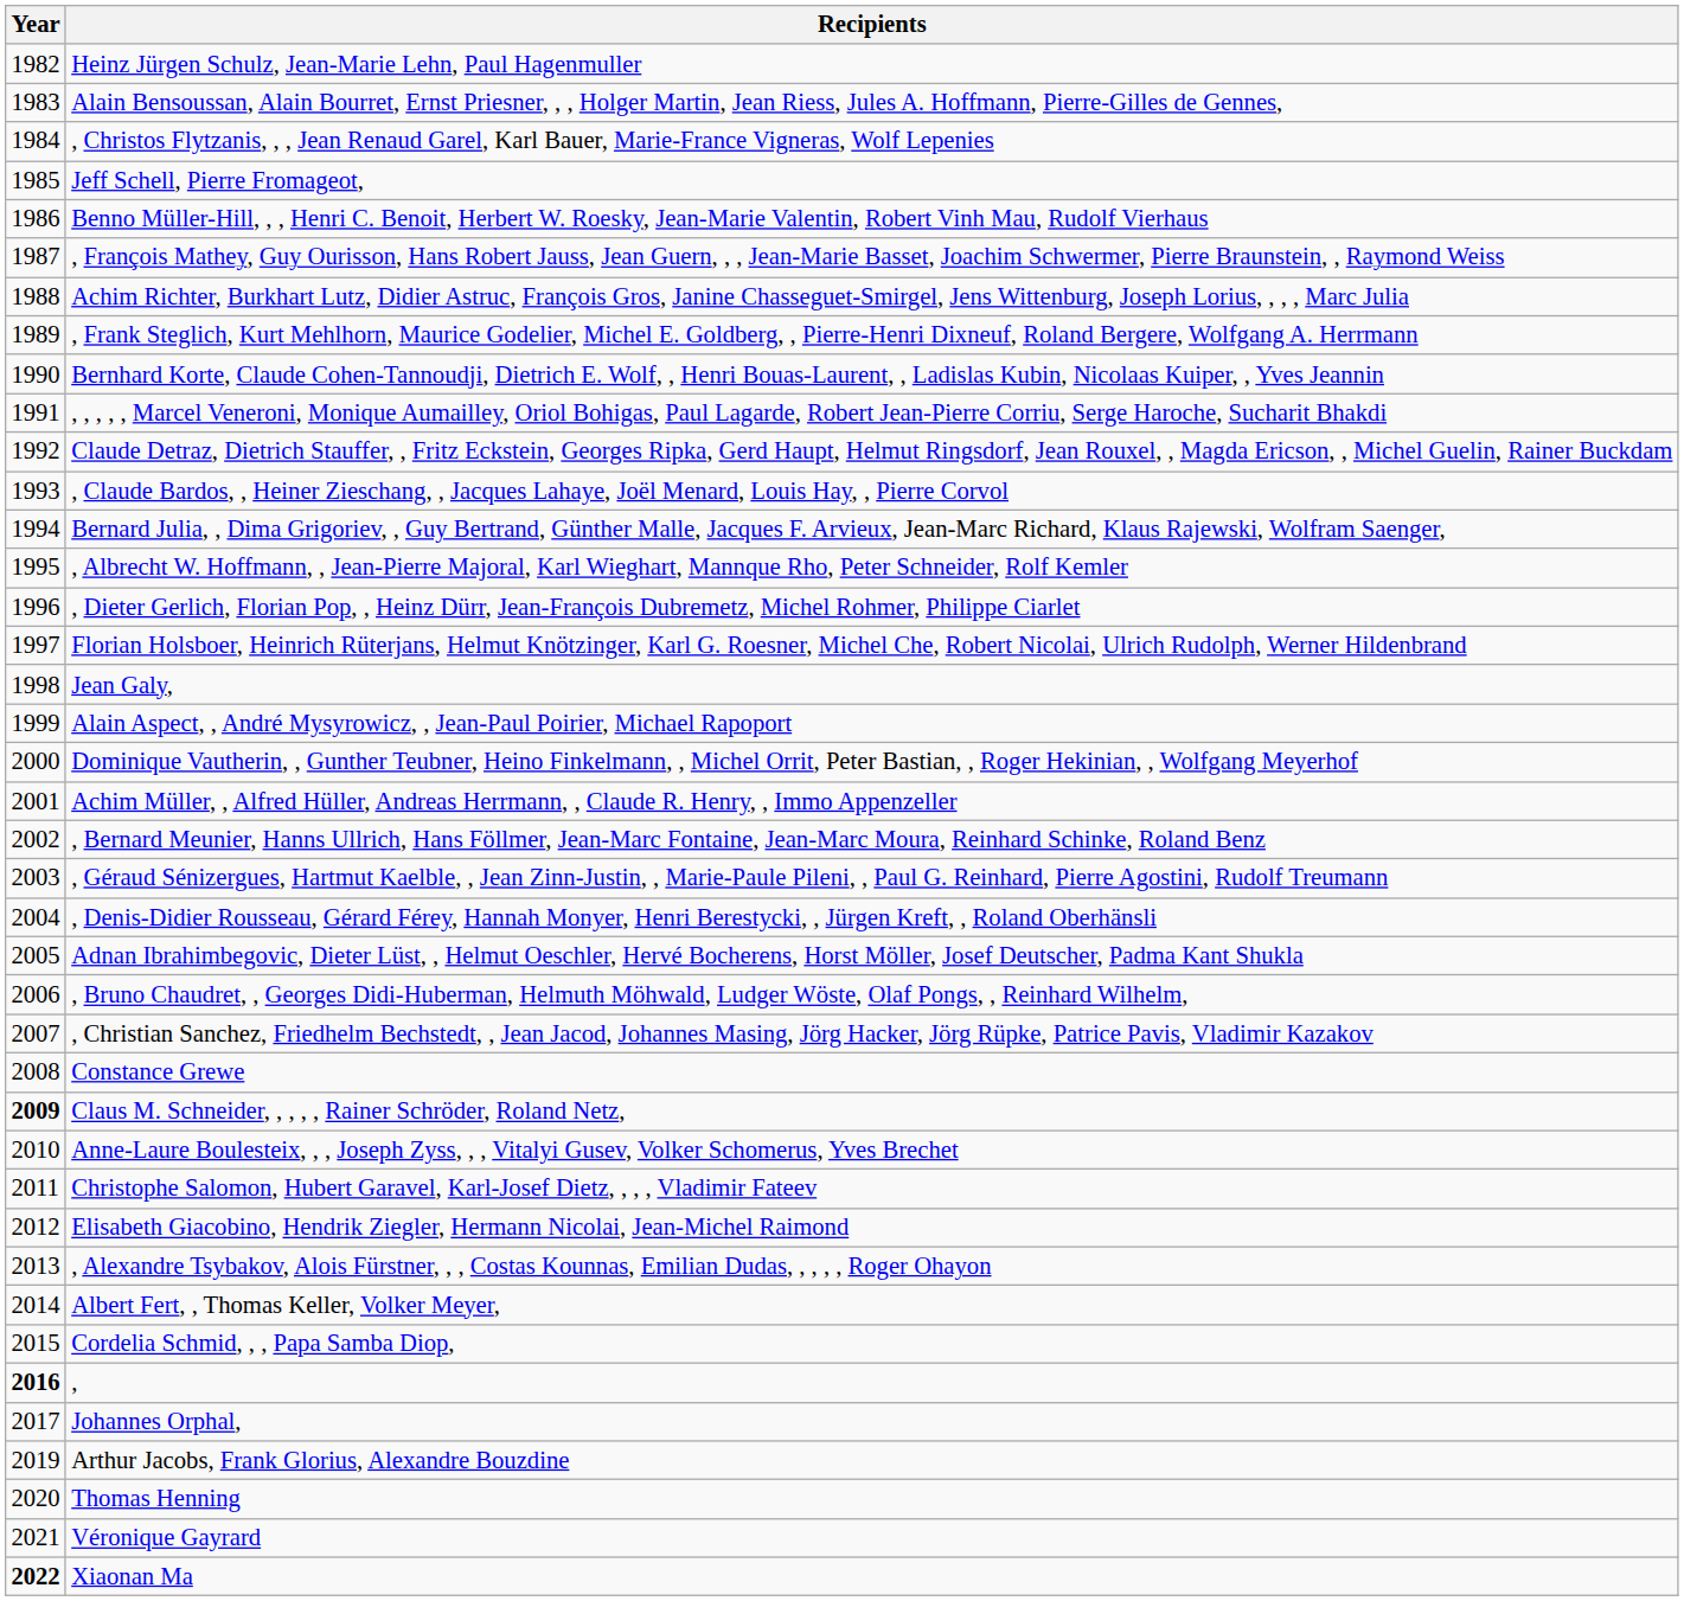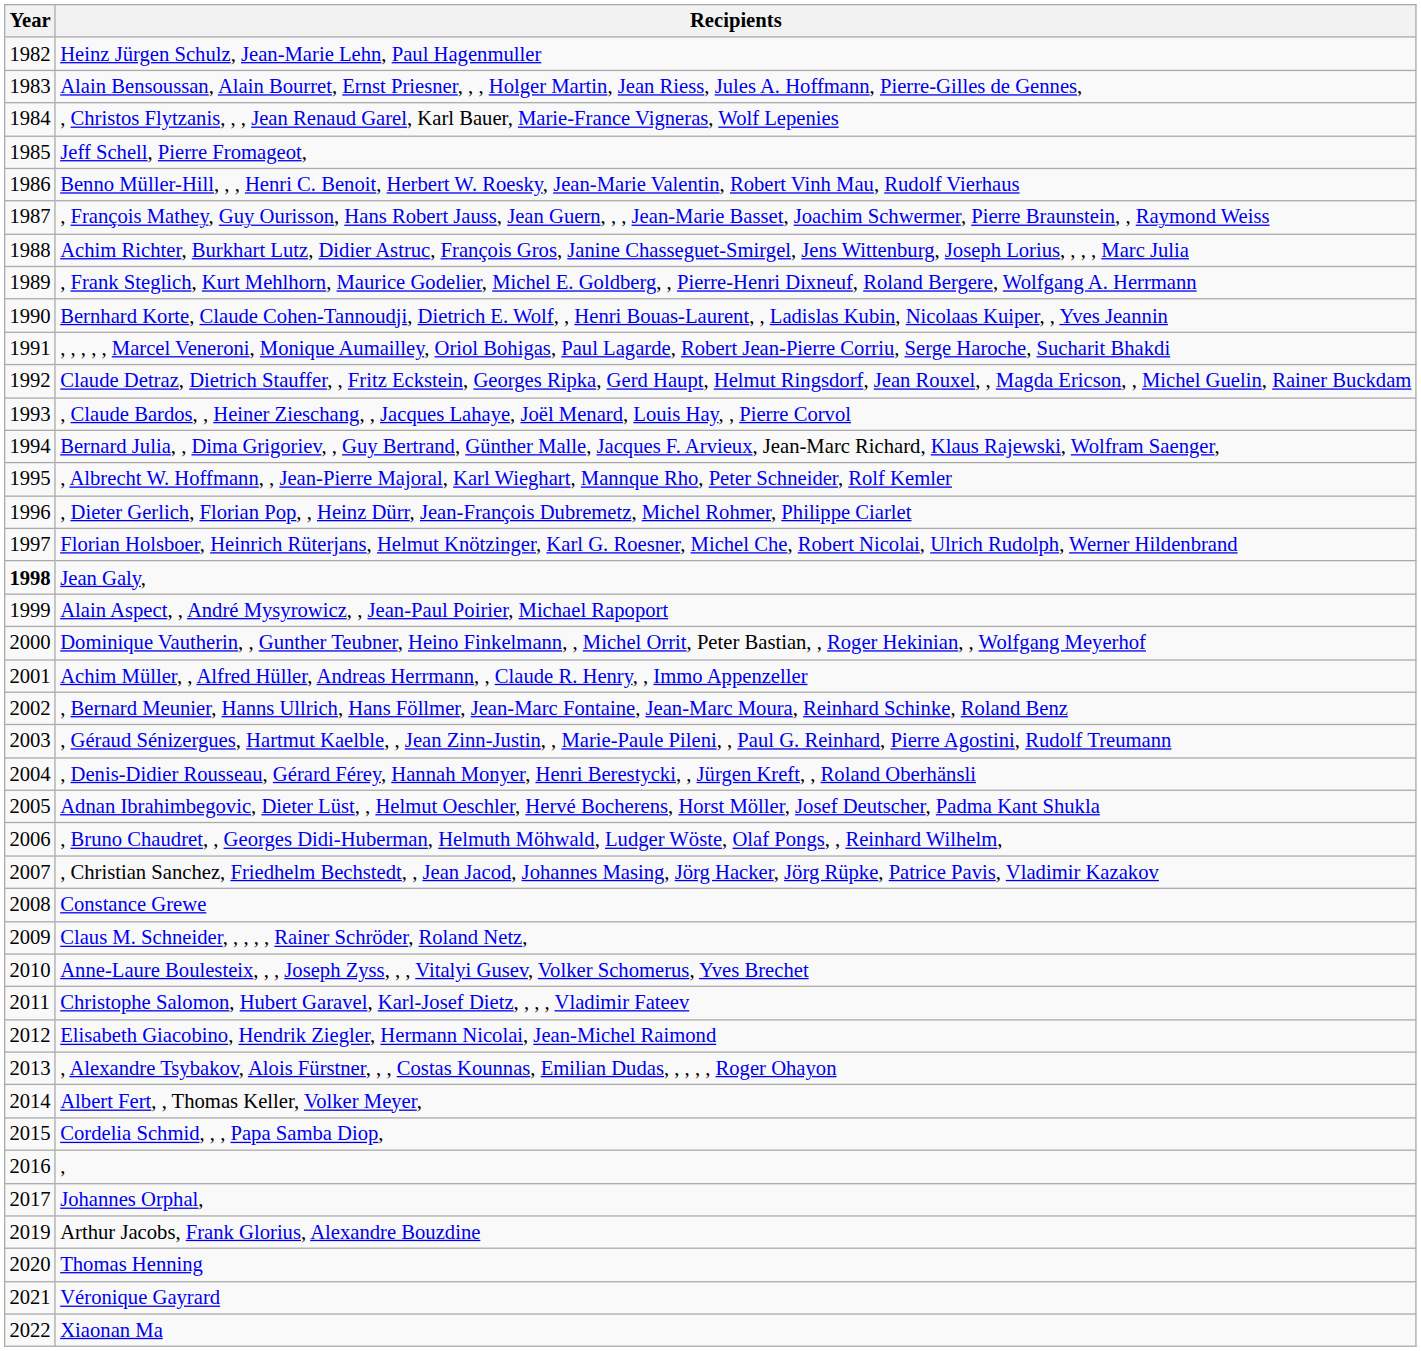 <table class="wikitable">
 <tr>
 <th>Year</th>
 <th>Recipients</th>
 </tr>
 <tr>
 <td>1982</td>
 <td><a href='#'>Heinz Jürgen Schulz</a>, <a href='#'>Jean-Marie Lehn</a>, <a href='#'>Paul Hagenmuller</a></td>
 </tr>
 <tr>
 <td>1983</td>
 <td><a href='#'>Alain Bensoussan</a>, <a href='#'>Alain Bourret</a>, <a href='#'>Ernst Priesner</a>, , , <a href='#'>Holger Martin</a>, <a href='#'>Jean Riess</a>, <a href='#'>Jules A. Hoffmann</a>, <a href='#'>Pierre-Gilles de Gennes</a>, </td>
 </tr>
 <tr>
 <td>1984</td>
 <td>, <a href='#'>Christos Flytzanis</a>, , , <a href='#'>Jean Renaud Garel</a>, Karl Bauer, <a href='#'>Marie-France Vigneras</a>, <a href='#'>Wolf Lepenies</a></td>
 </tr>
 <tr>
 <td>1985</td>
 <td><a href='#'>Jeff Schell</a>, <a href='#'>Pierre Fromageot</a>, </td>
 </tr>
 <tr>
 <td>1986</td>
 <td><a href='#'>Benno Müller-Hill</a>, , , <a href='#'>Henri C. Benoit</a>, <a href='#'>Herbert W. Roesky</a>, <a href='#'>Jean-Marie Valentin</a>, <a href='#'>Robert Vinh Mau</a>, <a href='#'>Rudolf Vierhaus</a></td>
 </tr>
 <tr>
 <td>1987</td>
 <td>, <a href='#'>François Mathey</a>, <a href='#'>Guy Ourisson</a>, <a href='#'>Hans Robert Jauss</a>, <a href='#'>Jean Guern</a>, , , <a href='#'>Jean-Marie Basset</a>, <a href='#'>Joachim Schwermer</a>, <a href='#'>Pierre Braunstein</a>, , <a href='#'>Raymond Weiss</a></td>
 </tr>
 <tr>
 <td>1988</td>
 <td><a href='#'>Achim Richter</a>, <a href='#'>Burkhart Lutz</a>, <a href='#'>Didier Astruc</a>, <a href='#'>François Gros</a>, <a href='#'>Janine Chasseguet-Smirgel</a>, <a href='#'>Jens Wittenburg</a>, <a href='#'>Joseph Lorius</a>, , , , <a href='#'>Marc Julia</a></td>
 </tr>
 <tr>
 <td>1989</td>
 <td>, <a href='#'>Frank Steglich</a>, <a href='#'>Kurt Mehlhorn</a>, <a href='#'>Maurice Godelier</a>, <a href='#'>Michel E. Goldberg</a>, , <a href='#'>Pierre-Henri Dixneuf</a>, <a href='#'>Roland Bergere</a>, <a href='#'>Wolfgang A. Herrmann</a></td>
 </tr>
 <tr>
 <td>1990</td>
 <td><a href='#'>Bernhard Korte</a>, <a href='#'>Claude Cohen-Tannoudji</a>, <a href='#'>Dietrich E. Wolf</a>, , <a href='#'>Henri Bouas-Laurent</a>, , <a href='#'>Ladislas Kubin</a>, <a href='#'>Nicolaas Kuiper</a>, , <a href='#'>Yves Jeannin</a></td>
 </tr>
 <tr>
 <td>1991</td>
 <td>, , , , , <a href='#'>Marcel Veneroni</a>, <a href='#'>Monique Aumailley</a>, <a href='#'>Oriol Bohigas</a>, <a href='#'>Paul Lagarde</a>, <a href='#'>Robert Jean-Pierre Corriu</a>, <a href='#'>Serge Haroche</a>, <a href='#'>Sucharit Bhakdi</a></td>
 </tr>
 <tr>
 <td>1992</td>
 <td><a href='#'>Claude Detraz</a>, <a href='#'>Dietrich Stauffer</a>, , <a href='#'>Fritz Eckstein</a>, <a href='#'>Georges Ripka</a>, <a href='#'>Gerd Haupt</a>, <a href='#'>Helmut Ringsdorf</a>, <a href='#'>Jean Rouxel</a>, , <a href='#'>Magda Ericson</a>, , <a href='#'>Michel Guelin</a>, <a href='#'>Rainer Buckdam</a></td>
 </tr>
 <tr>
 <td>1993</td>
 <td>, <a href='#'>Claude Bardos</a>, , <a href='#'>Heiner Zieschang</a>, , <a href='#'>Jacques Lahaye</a>, <a href='#'>Joël Menard</a>, <a href='#'>Louis Hay</a>, , <a href='#'>Pierre Corvol</a></td>
 </tr>
 <tr>
 <td>1994</td>
 <td><a href='#'>Bernard Julia</a>, , <a href='#'>Dima Grigoriev</a>, , <a href='#'>Guy Bertrand</a>, <a href='#'>Günther Malle</a>, <a href='#'>Jacques F. Arvieux</a>, Jean-Marc Richard, <a href='#'>Klaus Rajewski</a>, <a href='#'>Wolfram Saenger</a>, </td>
 </tr>
 <tr>
 <td>1995</td>
 <td>, <a href='#'>Albrecht W. Hoffmann</a>, , <a href='#'>Jean-Pierre Majoral</a>, <a href='#'>Karl Wieghart</a>, <a href='#'>Mannque Rho</a>, <a href='#'>Peter Schneider</a>, <a href='#'>Rolf Kemler</a></td>
 </tr>
 <tr>
 <td>1996</td>
 <td>, <a href='#'>Dieter Gerlich</a>, <a href='#'>Florian Pop</a>, , <a href='#'>Heinz Dürr</a>, <a href='#'>Jean-François Dubremetz</a>, <a href='#'>Michel Rohmer</a>, <a href='#'>Philippe Ciarlet</a></td>
 </tr>
 <tr>
 <td>1997</td>
 <td><a href='#'>Florian Holsboer</a>, <a href='#'>Heinrich Rüterjans</a>, <a href='#'>Helmut Knötzinger</a>, <a href='#'>Karl G. Roesner</a>, <a href='#'>Michel Che</a>, <a href='#'>Robert Nicolai</a>, <a href='#'>Ulrich Rudolph</a>, <a href='#'>Werner Hildenbrand</a></td>
 </tr>
 <tr>
-<td>1998</td>
+<td><strong>1998</strong></td>
 <td><a href='#'>Jean Galy</a>, </td>
 </tr>
 <tr>
 <td>1999</td>
 <td><a href='#'>Alain Aspect</a>, , <a href='#'>André Mysyrowicz</a>, , <a href='#'>Jean-Paul Poirier</a>, <a href='#'>Michael Rapoport</a></td>
 </tr>
 <tr>
 <td>2000</td>
 <td><a href='#'>Dominique Vautherin</a>, , <a href='#'>Gunther Teubner</a>, <a href='#'>Heino Finkelmann</a>, , <a href='#'>Michel Orrit</a>, Peter Bastian, , <a href='#'>Roger Hekinian</a>, , <a href='#'>Wolfgang Meyerhof</a></td>
 </tr>
 <tr>
 <td>2001</td>
 <td><a href='#'>Achim Müller</a>, , <a href='#'>Alfred Hüller</a>, <a href='#'>Andreas Herrmann</a>, , <a href='#'>Claude R. Henry</a>, , <a href='#'>Immo Appenzeller</a></td>
 </tr>
 <tr>
 <td>2002</td>
 <td>, <a href='#'>Bernard Meunier</a>, <a href='#'>Hanns Ullrich</a>, <a href='#'>Hans Föllmer</a>, <a href='#'>Jean-Marc Fontaine</a>, <a href='#'>Jean-Marc Moura</a>, <a href='#'>Reinhard Schinke</a>, <a href='#'>Roland Benz</a></td>
 </tr>
 <tr>
 <td>2003</td>
 <td>, <a href='#'>Géraud Sénizergues</a>, <a href='#'>Hartmut Kaelble</a>, , <a href='#'>Jean Zinn-Justin</a>, , <a href='#'>Marie-Paule Pileni</a>, , <a href='#'>Paul G. Reinhard</a>, <a href='#'>Pierre Agostini</a>, <a href='#'>Rudolf Treumann</a></td>
 </tr>
 <tr>
 <td>2004</td>
 <td>, <a href='#'>Denis-Didier Rousseau</a>, <a href='#'>Gérard Férey</a>, <a href='#'>Hannah Monyer</a>, <a href='#'>Henri Berestycki</a>, , <a href='#'>Jürgen Kreft</a>, , <a href='#'>Roland Oberhänsli</a></td>
 </tr>
 <tr>
 <td>2005</td>
 <td><a href='#'>Adnan Ibrahimbegovic</a>, <a href='#'>Dieter Lüst</a>, , <a href='#'>Helmut Oeschler</a>, <a href='#'>Hervé Bocherens</a>, <a href='#'>Horst Möller</a>, <a href='#'>Josef Deutscher</a>, <a href='#'>Padma Kant Shukla</a></td>
 </tr>
 <tr>
 <td>2006</td>
 <td>, <a href='#'>Bruno Chaudret</a>, , <a href='#'>Georges Didi-Huberman</a>, <a href='#'>Helmuth Möhwald</a>, <a href='#'>Ludger Wöste</a>, <a href='#'>Olaf Pongs</a>, , <a href='#'>Reinhard Wilhelm</a>, </td>
 </tr>
 <tr>
 <td>2007</td>
 <td>, Christian Sanchez, <a href='#'>Friedhelm Bechstedt</a>, , <a href='#'>Jean Jacod</a>, <a href='#'>Johannes Masing</a>, <a href='#'>Jörg Hacker</a>, <a href='#'>Jörg Rüpke</a>, <a href='#'>Patrice Pavis</a>, <a href='#'>Vladimir Kazakov</a></td>
 </tr>
 <tr>
 <td>2008</td>
 <td><a href='#'>Constance Grewe</a></td>
 </tr>
 <tr>
-<td><strong>2009</strong></td>
+<td>2009</td>
 <td><a href='#'>Claus M. Schneider</a>, , , , , <a href='#'>Rainer Schröder</a>, <a href='#'>Roland Netz</a>, </td>
 </tr>
 <tr>
 <td>2010</td>
 <td><a href='#'>Anne-Laure Boulesteix</a>, , , <a href='#'>Joseph Zyss</a>, , , <a href='#'>Vitalyi Gusev</a>, <a href='#'>Volker Schomerus</a>, <a href='#'>Yves Brechet</a></td>
 </tr>
 <tr>
 <td>2011</td>
 <td><a href='#'>Christophe Salomon</a>, <a href='#'>Hubert Garavel</a>, <a href='#'>Karl-Josef Dietz</a>, , , , <a href='#'>Vladimir Fateev</a></td>
 </tr>
 <tr>
 <td>2012</td>
 <td><a href='#'>Elisabeth Giacobino</a>, <a href='#'>Hendrik Ziegler</a>, <a href='#'>Hermann Nicolai</a>, <a href='#'>Jean-Michel Raimond</a></td>
 </tr>
 <tr>
 <td>2013</td>
 <td>, <a href='#'>Alexandre Tsybakov</a>, <a href='#'>Alois Fürstner</a>, , , <a href='#'>Costas Kounnas</a>, <a href='#'>Emilian Dudas</a>, , , , , <a href='#'>Roger Ohayon</a></td>
 </tr>
 <tr>
 <td>2014</td>
 <td><a href='#'>Albert Fert</a>, , Thomas Keller, <a href='#'>Volker Meyer</a>, </td>
 </tr>
 <tr>
 <td>2015</td>
 <td><a href='#'>Cordelia Schmid</a>, , , <a href='#'>Papa Samba Diop</a>, </td>
 </tr>
 <tr>
-<td><strong>2016</strong></td>
+<td>2016</td>
 <td>, </td>
 </tr>
 <tr>
 <td>2017</td>
 <td><a href='#'>Johannes Orphal</a>, </td>
 </tr>
 <tr>
 <td>2019</td>
 <td>Arthur Jacobs, <a href='#'>Frank Glorius</a>, <a href='#'>Alexandre Bouzdine</a></td>
 </tr>
 <tr>
 <td>2020</td>
 <td><a href='#'>Thomas Henning</a></td>
 </tr>
 <tr>
 <td>2021</td>
 <td><a href='#'>Véronique Gayrard</a></td>
 </tr>
 <tr>
-<td><strong>2022</strong></td>
+<td>2022</td>
 <td><a href='#'>Xiaonan Ma</a></td>
 </tr>
 </table>
